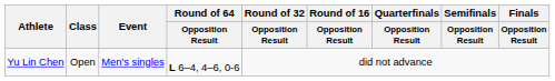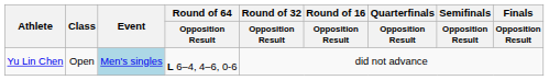 <table class=wikitable style="font-size:90%">
 <tr>
 <th rowspan="2">Athlete</th>
 <th rowspan="2">Class</th>
 <th rowspan="2">Event</th>
 <th>Round of 64</th>
 <th>Round of 32</th>
 <th>Round of 16</th>
 <th>Quarterfinals</th>
 <th>Semifinals</th>
 <th>Finals</th>
 </tr>
 <tr>
 <th style="line-height:1em"><small>Opposition<br>Result</small></th>
 <th style="line-height:1em"><small>Opposition<br>Result</small></th>
 <th style="line-height:1em"><small>Opposition<br>Result</small></th>
 <th style="line-height:1em"><small>Opposition<br>Result</small></th>
 <th style="line-height:1em"><small>Opposition<br>Result</small></th>
 <th style="line-height:1em"><small>Opposition<br>Result</small></th>
 </tr>
 <tr>
 <td><a href='#'>Yu Lin Chen</a></td>
 <td style="text-align:center;">Open</td>
-<td><a href='#'>Men's singles</a></td>
+<td style="background: lightblue;"><a href='#'>Men's singles</a></td>
 <td style="text-align:center;"><br><strong>L</strong> 6–4, 4–6, 0-6</td>
 <td style="text-align:center;" colspan="5">did not advance</td>
 </tr>
 </table>
